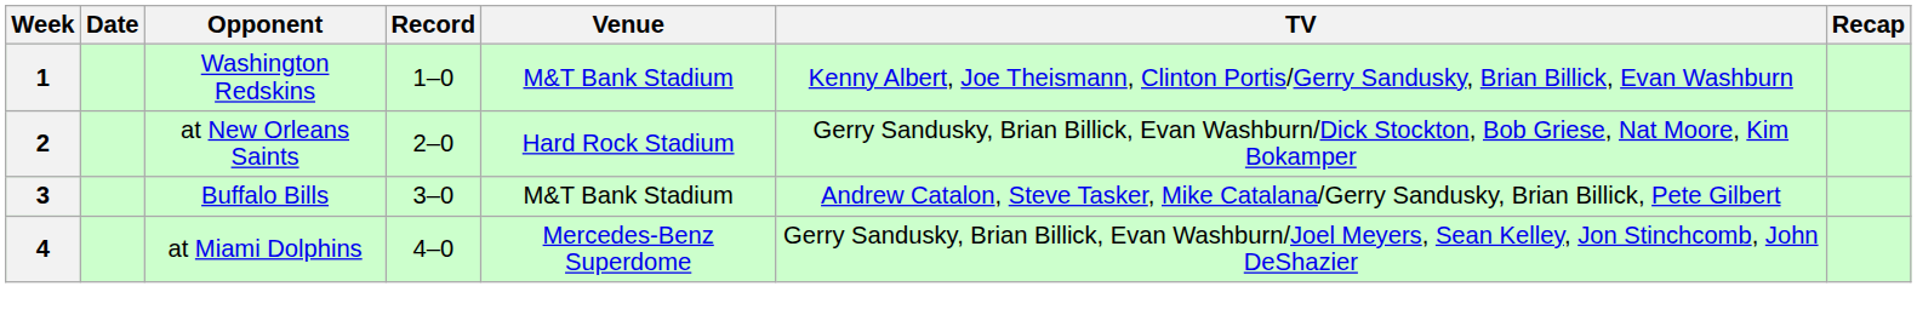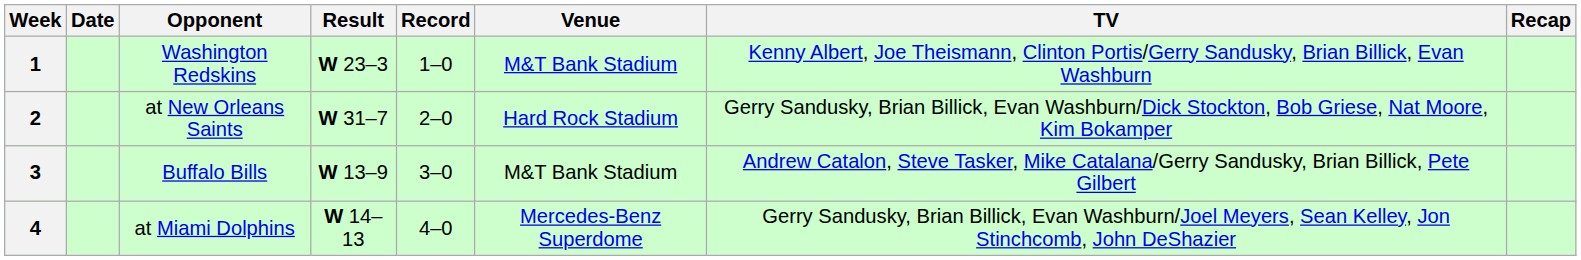 <table class="wikitable" style="text-align:center">
 <tr>
 <th>Week</th>
 <th>Date</th>
 <th>Opponent</th>
+<th>Result</th>
 <th>Record</th>
 <th>Venue</th>
 <th>TV</th>
 <th>Recap</th>
 </tr>
 <tr style="background:#cfc">
 <th>1</th>
 <td></td>
 <td><a href='#'>Washington Redskins</a></td>
+<td><strong>W</strong> 23–3</td>
 <td>1–0</td>
 <td><a href='#'>M&T Bank Stadium</a></td>
 <td><a href='#'>Kenny Albert</a>, <a href='#'>Joe Theismann</a>, <a href='#'>Clinton Portis</a>/<a href='#'>Gerry Sandusky</a>, <a href='#'>Brian Billick</a>, <a href='#'>Evan Washburn</a></td>
 <td></td>
 </tr>
 <tr style="background:#cfc">
 <th>2</th>
 <td></td>
 <td>at <a href='#'>New Orleans Saints</a></td>
+<td><strong>W</strong> 31–7</td>
 <td>2–0</td>
 <td><a href='#'>Hard Rock Stadium</a></td>
 <td>Gerry Sandusky, Brian Billick, Evan Washburn/<a href='#'>Dick Stockton</a>, <a href='#'>Bob Griese</a>, <a href='#'>Nat Moore</a>, <a href='#'>Kim Bokamper</a></td>
 <td></td>
 </tr>
 <tr style="background:#cfc">
 <th>3</th>
 <td></td>
 <td><a href='#'>Buffalo Bills</a></td>
+<td><strong>W</strong> 13–9</td>
 <td>3–0</td>
 <td>M&T Bank Stadium</td>
 <td><a href='#'>Andrew Catalon</a>, <a href='#'>Steve Tasker</a>, <a href='#'>Mike Catalana</a>/Gerry Sandusky, Brian Billick, <a href='#'>Pete Gilbert</a></td>
 <td></td>
 </tr>
 <tr style="background:#cfc">
 <th>4</th>
 <td></td>
 <td>at <a href='#'>Miami Dolphins</a></td>
+<td><strong>W</strong> 14–13</td>
 <td>4–0</td>
 <td><a href='#'>Mercedes-Benz Superdome</a></td>
 <td>Gerry Sandusky, Brian Billick, Evan Washburn/<a href='#'>Joel Meyers</a>, <a href='#'>Sean Kelley</a>, <a href='#'>Jon Stinchcomb</a>, <a href='#'>John DeShazier</a></td>
 <td></td>
 </tr>
 </table>
